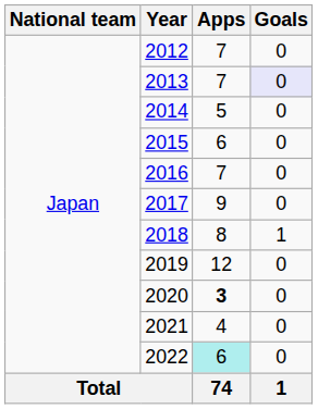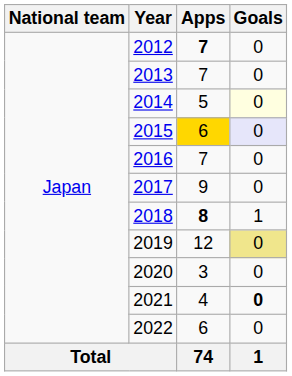 <table class="wikitable" style="text-align:center">
 <tr>
 <th>National team</th>
 <th>Year</th>
 <th>Apps</th>
 <th>Goals</th>
 </tr>
 <tr>
 <td rowspan="11"><a href='#'>Japan</a></td>
 <td><a href='#'>2012</a></td>
-<td>7</td>
+<td><strong>7</strong></td>
 <td>0</td>
 </tr>
 <tr>
 <td><a href='#'>2013</a></td>
 <td>7</td>
-<td style="background: lavender;">0</td>
+<td>0</td>
 </tr>
 <tr>
 <td><a href='#'>2014</a></td>
 <td>5</td>
-<td>0</td>
+<td style="background: lightyellow;">0</td>
 </tr>
 <tr>
 <td><a href='#'>2015</a></td>
-<td>6</td>
-<td>0</td>
+<td style="background: gold;">6</td>
+<td style="background: lavender;">0</td>
 </tr>
 <tr>
 <td><a href='#'>2016</a></td>
 <td>7</td>
 <td>0</td>
 </tr>
 <tr>
 <td><a href='#'>2017</a></td>
 <td>9</td>
 <td>0</td>
 </tr>
 <tr>
 <td><a href='#'>2018</a></td>
-<td>8</td>
+<td><strong>8</strong></td>
 <td>1</td>
 </tr>
 <tr>
 <td>2019</td>
 <td>12</td>
-<td>0</td>
+<td style="background: khaki;">0</td>
 </tr>
 <tr>
 <td>2020</td>
-<td><strong>3</strong></td>
+<td>3</td>
 <td>0</td>
 </tr>
 <tr>
 <td>2021</td>
 <td>4</td>
-<td>0</td>
+<td><strong>0</strong></td>
 </tr>
 <tr>
 <td>2022</td>
-<td style="background: paleturquoise;">6</td>
+<td>6</td>
 <td>0</td>
 </tr>
 <tr>
 <th colspan="2">Total</th>
 <th>74</th>
 <th>1</th>
 </tr>
 </table>
